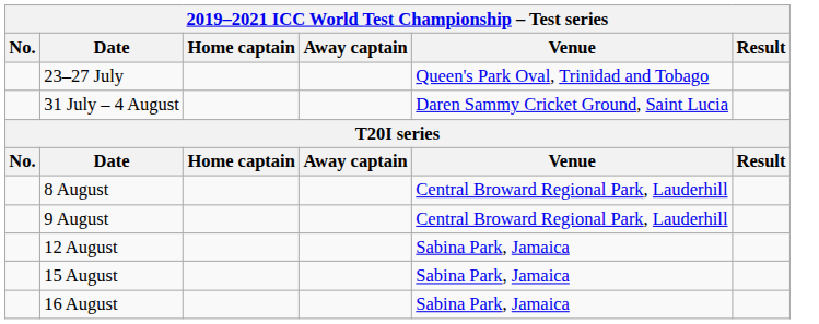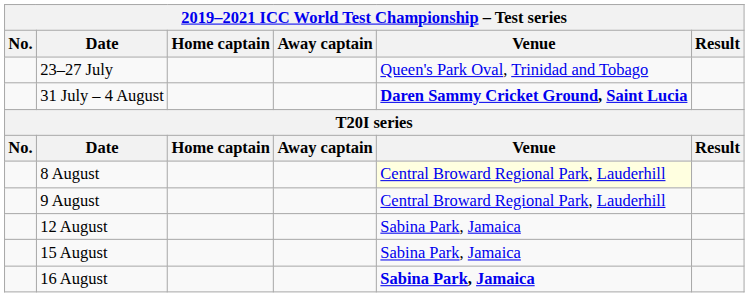 <table class="wikitable">
 <tr>
 <th colspan="9"><a href='#'>2019–2021 ICC World Test Championship</a> – Test series</th>
 </tr>
 <tr>
 <th>No.</th>
 <th>Date</th>
 <th>Home captain</th>
 <th>Away captain</th>
 <th>Venue</th>
 <th>Result</th>
 </tr>
 <tr>
 <td></td>
 <td>23–27 July</td>
 <td></td>
 <td></td>
 <td><a href='#'>Queen's Park Oval</a>, <a href='#'>Trinidad and Tobago</a></td>
 <td></td>
 </tr>
 <tr>
 <td></td>
 <td>31 July – 4 August</td>
 <td></td>
 <td></td>
-<td><a href='#'>Daren Sammy Cricket Ground</a>, <a href='#'>Saint Lucia</a></td>
+<td><strong><a href='#'>Daren Sammy Cricket Ground</a>, <a href='#'>Saint Lucia</a></strong></td>
 <td></td>
 </tr>
 <tr>
 <th colspan="9">T20I series</th>
 </tr>
 <tr>
 <th>No.</th>
 <th>Date</th>
 <th>Home captain</th>
 <th>Away captain</th>
 <th>Venue</th>
 <th>Result</th>
 </tr>
 <tr>
 <td></td>
 <td>8 August</td>
 <td></td>
 <td></td>
-<td><a href='#'>Central Broward Regional Park</a>, <a href='#'>Lauderhill</a></td>
+<td style="background: lightyellow;"><a href='#'>Central Broward Regional Park</a>, <a href='#'>Lauderhill</a></td>
 <td></td>
 </tr>
 <tr>
 <td></td>
 <td>9 August</td>
 <td></td>
 <td></td>
 <td><a href='#'>Central Broward Regional Park</a>, <a href='#'>Lauderhill</a></td>
 <td></td>
 </tr>
 <tr>
 <td></td>
 <td>12 August</td>
 <td></td>
 <td></td>
 <td><a href='#'>Sabina Park</a>, <a href='#'>Jamaica</a></td>
 <td></td>
 </tr>
 <tr>
 <td></td>
 <td>15 August</td>
 <td></td>
 <td></td>
 <td><a href='#'>Sabina Park</a>, <a href='#'>Jamaica</a></td>
 <td></td>
 </tr>
 <tr>
 <td></td>
 <td>16 August</td>
 <td></td>
 <td></td>
-<td><a href='#'>Sabina Park</a>, <a href='#'>Jamaica</a></td>
+<td><strong><a href='#'>Sabina Park</a>, <a href='#'>Jamaica</a></strong></td>
 <td></td>
 </tr>
 </table>
